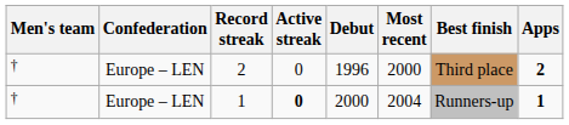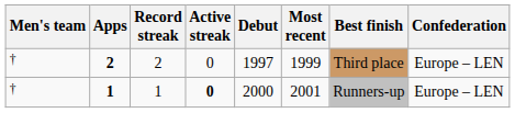 <table class="wikitable" style="text-align: center; font-size: 90%; margin-left: 1em;">
 <tr>
 <th>Men's team</th>
-<th>Confederation</th>
+<th>Apps</th>
 <th>Record<br>streak</th>
 <th>Active<br>streak</th>
 <th>Debut</th>
 <th>Most<br>recent</th>
 <th>Best finish</th>
-<th>Apps</th>
+<th>Confederation</th>
 </tr>
 <tr>
 <td style="text-align: left;"><em></em><sup>†</sup></td>
-<td>Europe – LEN</td>
+<td><strong>2</strong></td>
 <td>2</td>
 <td>0</td>
-<td>1996</td>
-<td>2000</td>
+<td>1997</td>
+<td>1999</td>
 <td style="background-color: #cc9966;">Third place</td>
-<td><strong>2</strong></td>
+<td>Europe – LEN</td>
 </tr>
 <tr>
 <td style="text-align: left;"><em></em><sup>†</sup></td>
-<td>Europe – LEN</td>
+<td><strong>1</strong></td>
 <td>1</td>
 <td><strong>0</strong></td>
 <td>2000</td>
-<td>2004</td>
+<td>2001</td>
 <td style="background-color: silver;">Runners-up</td>
-<td><strong>1</strong></td>
+<td>Europe – LEN</td>
 </tr>
 </table>
